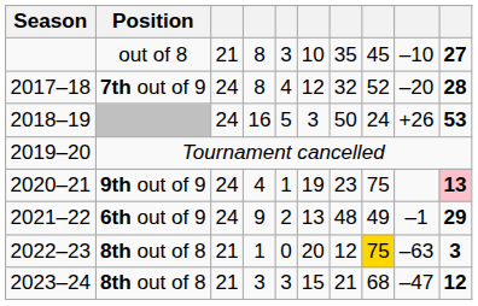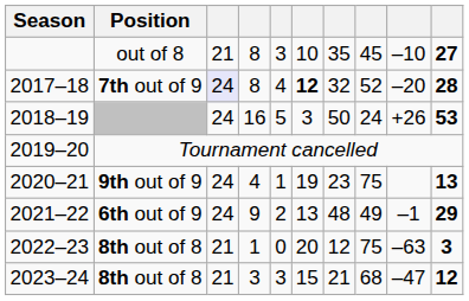 <table class="wikitable" style="text-align: center;">
 <tr>
 <th>Season</th>
 <th>Position</th>
 <th></th>
 <th></th>
 <th></th>
 <th></th>
 <th></th>
 <th></th>
 <th></th>
 <th></th>
 </tr>
 <tr>
 <td></td>
 <td> out of 8</td>
 <td>21</td>
 <td>8</td>
 <td>3</td>
 <td>10</td>
 <td>35</td>
 <td>45</td>
 <td>–10</td>
 <td><strong>27</strong></td>
 </tr>
 <tr>
 <td>2017–18</td>
 <td><strong>7th</strong> out of 9</td>
-<td>24</td>
+<td style="background: lavender;">24</td>
 <td>8</td>
 <td>4</td>
-<td>12</td>
+<td><strong>12</strong></td>
 <td>32</td>
 <td>52</td>
 <td>–20</td>
 <td><strong>28</strong></td>
 </tr>
 <tr>
 <td>2018–19</td>
 <td bgcolor=silver></td>
 <td>24</td>
 <td>16</td>
 <td>5</td>
 <td>3</td>
 <td>50</td>
 <td>24</td>
 <td>+26</td>
 <td><strong>53</strong></td>
 </tr>
 <tr>
 <td>2019–20</td>
 <td colspan=9><em>Tournament cancelled</em></td>
 </tr>
 <tr>
 <td>2020–21</td>
 <td><strong>9th</strong> out of 9</td>
 <td>24</td>
 <td>4</td>
 <td>1</td>
 <td>19</td>
 <td>23</td>
 <td>75</td>
 <td></td>
-<td style="background: pink;"><strong>13</strong></td>
+<td><strong>13</strong></td>
 </tr>
 <tr>
 <td>2021–22</td>
 <td><strong>6th</strong> out of 9</td>
 <td>24</td>
 <td>9</td>
 <td>2</td>
 <td>13</td>
 <td>48</td>
 <td>49</td>
 <td>–1</td>
 <td><strong>29</strong></td>
 </tr>
 <tr>
 <td>2022–23</td>
 <td><strong>8th</strong> out of 8</td>
 <td>21</td>
 <td>1</td>
 <td>0</td>
 <td>20</td>
 <td>12</td>
-<td style="background: gold;">75</td>
+<td>75</td>
 <td>–63</td>
 <td><strong>3</strong></td>
 </tr>
 <tr>
 <td>2023–24</td>
 <td><strong>8th</strong> out of 8</td>
 <td>21</td>
 <td>3</td>
 <td>3</td>
 <td>15</td>
 <td>21</td>
 <td>68</td>
 <td>–47</td>
 <td><strong>12</strong></td>
 </tr>
 </table>
